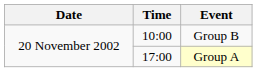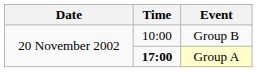 <table class = "wikitable" style="text-align:center;">
 <tr>
 <th width=150>Date</th>
 <th width=50>Time</th>
 <th width=80>Event</th>
 </tr>
 <tr>
 <td rowspan=2>20 November 2002</td>
 <td>10:00</td>
 <td>Group B</td>
 </tr>
 <tr>
-<td>17:00</td>
+<td><strong>17:00</strong></td>
 <td bgcolor=ffffcc>Group A</td>
 </tr>
 </table>
